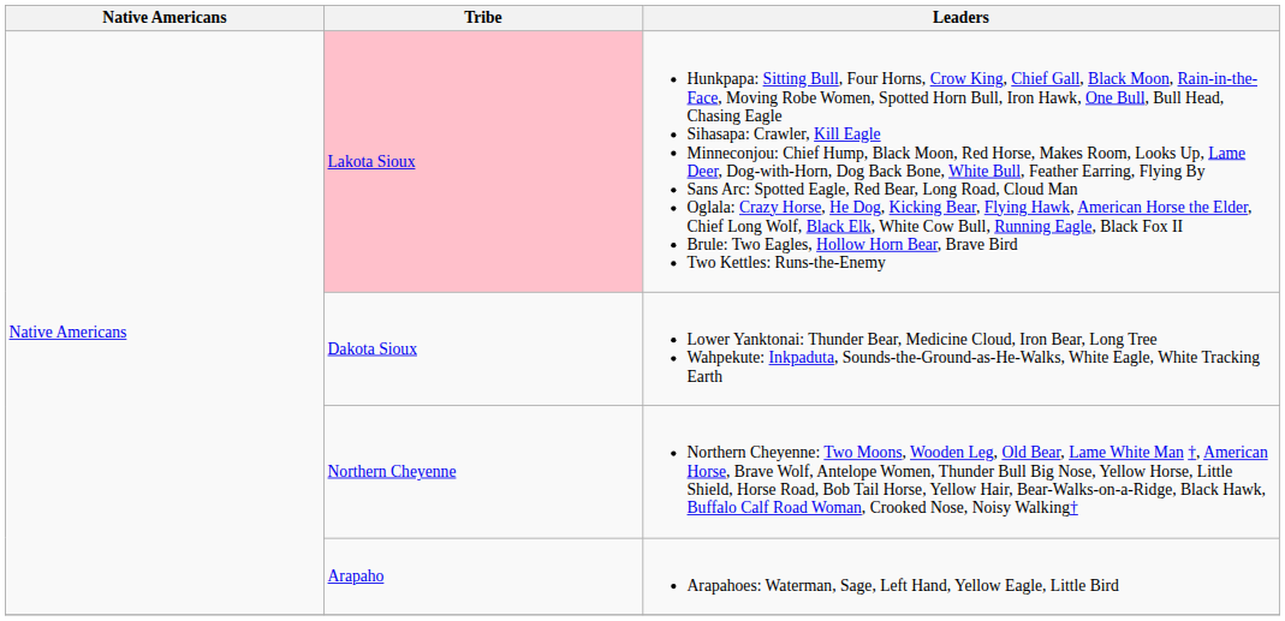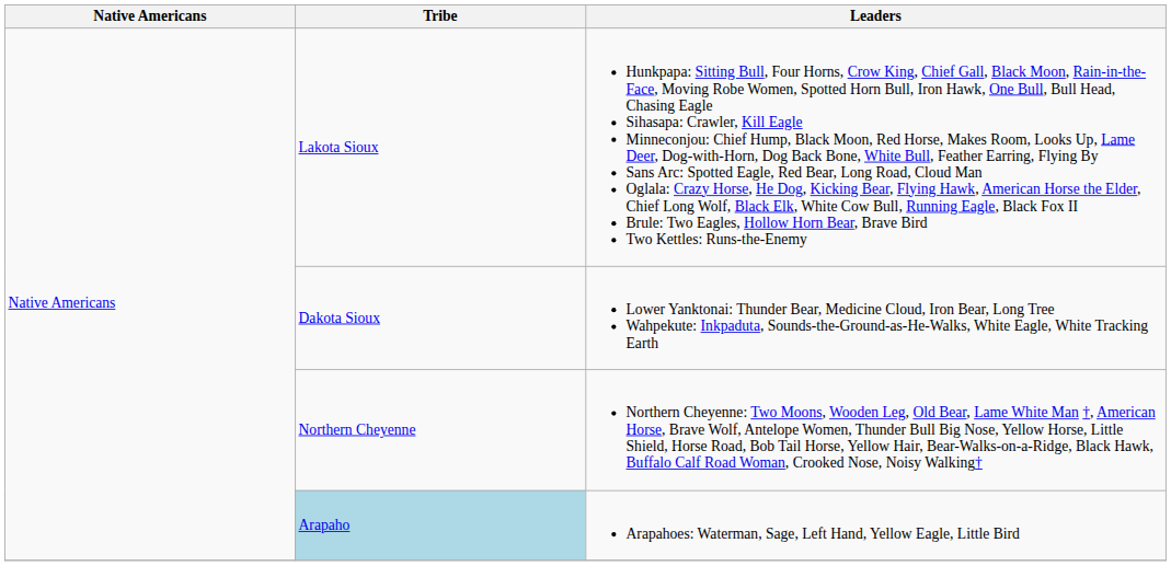 <table class="wikitable">
 <tr>
 <th width=25%>Native Americans</th>
 <th width=25%>Tribe</th>
 <th>Leaders</th>
 </tr>
 <tr>
 <td rowspan=4><br><a href='#'>Native Americans</a></td>
-<td style="background: pink;"><a href='#'>Lakota Sioux</a></td>
+<td><a href='#'>Lakota Sioux</a></td>
 <td><br><ul><li>Hunkpapa: <a href='#'>Sitting Bull</a>, Four Horns, <a href='#'>Crow King</a>, <a href='#'>Chief Gall</a>, <a href='#'>Black Moon</a>, <a href='#'>Rain-in-the-Face</a>, Moving Robe Women, Spotted Horn Bull, Iron Hawk, <a href='#'>One Bull</a>, Bull Head, Chasing Eagle</li><li>Sihasapa: Crawler, <a href='#'>Kill Eagle</a></li><li>Minneconjou: Chief Hump, Black Moon, Red Horse, Makes Room, Looks Up, <a href='#'>Lame Deer</a>, Dog-with-Horn, Dog Back Bone, <a href='#'>White Bull</a>, Feather Earring, Flying By</li><li>Sans Arc: Spotted Eagle, Red Bear, Long Road, Cloud Man</li><li>Oglala: <a href='#'>Crazy Horse</a>, <a href='#'>He Dog</a>, <a href='#'>Kicking Bear</a>, <a href='#'>Flying Hawk</a>, <a href='#'>American Horse the Elder</a>, Chief Long Wolf, <a href='#'>Black Elk</a>, White Cow Bull, <a href='#'>Running Eagle</a>, Black Fox II</li><li>Brule: Two Eagles, <a href='#'>Hollow Horn Bear</a>, Brave Bird</li><li>Two Kettles: Runs-the-Enemy</li></ul></td>
 </tr>
 <tr>
 <td><a href='#'>Dakota Sioux</a></td>
 <td><br><ul><li>Lower Yanktonai: Thunder Bear, Medicine Cloud, Iron Bear, Long Tree</li><li>Wahpekute: <a href='#'>Inkpaduta</a>, Sounds-the-Ground-as-He-Walks, White Eagle, White Tracking Earth</li></ul></td>
 </tr>
 <tr>
 <td><a href='#'>Northern Cheyenne</a></td>
 <td><br><ul><li>Northern Cheyenne: <a href='#'>Two Moons</a>, <a href='#'>Wooden Leg</a>, <a href='#'>Old Bear</a>, <a href='#'>Lame White Man</a> <a href='#'>†</a>, <a href='#'>American Horse</a>, Brave Wolf, Antelope Women, Thunder Bull Big Nose, Yellow Horse, Little Shield, Horse Road, Bob Tail Horse, Yellow Hair, Bear-Walks-on-a-Ridge, Black Hawk, <a href='#'>Buffalo Calf Road Woman</a>, Crooked Nose, Noisy Walking<a href='#'>†</a></li></ul></td>
 </tr>
 <tr>
-<td><a href='#'>Arapaho</a></td>
+<td style="background: lightblue;"><a href='#'>Arapaho</a></td>
 <td><br><ul><li>Arapahoes: Waterman, Sage, Left Hand, Yellow Eagle, Little Bird</li></ul></td>
 </tr>
 <tr>
 </tr>
 </table>
